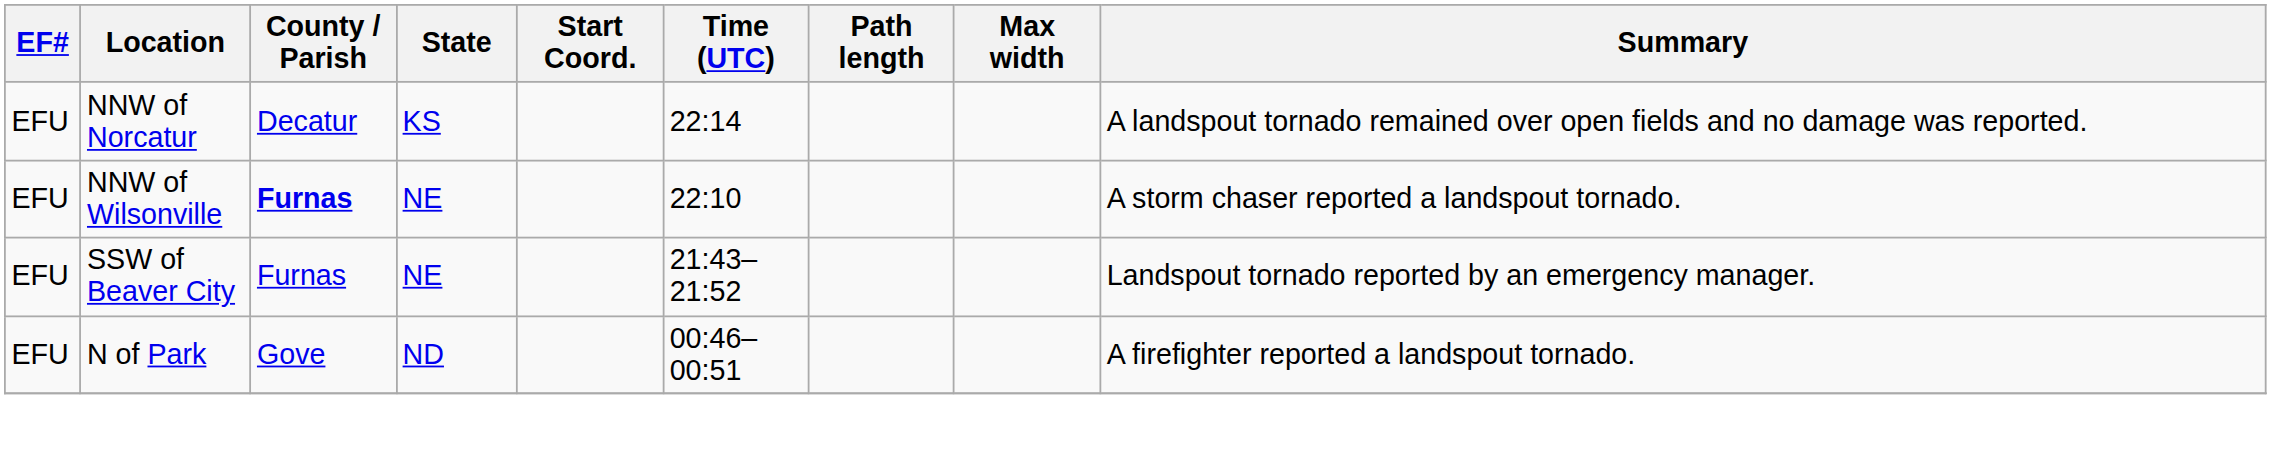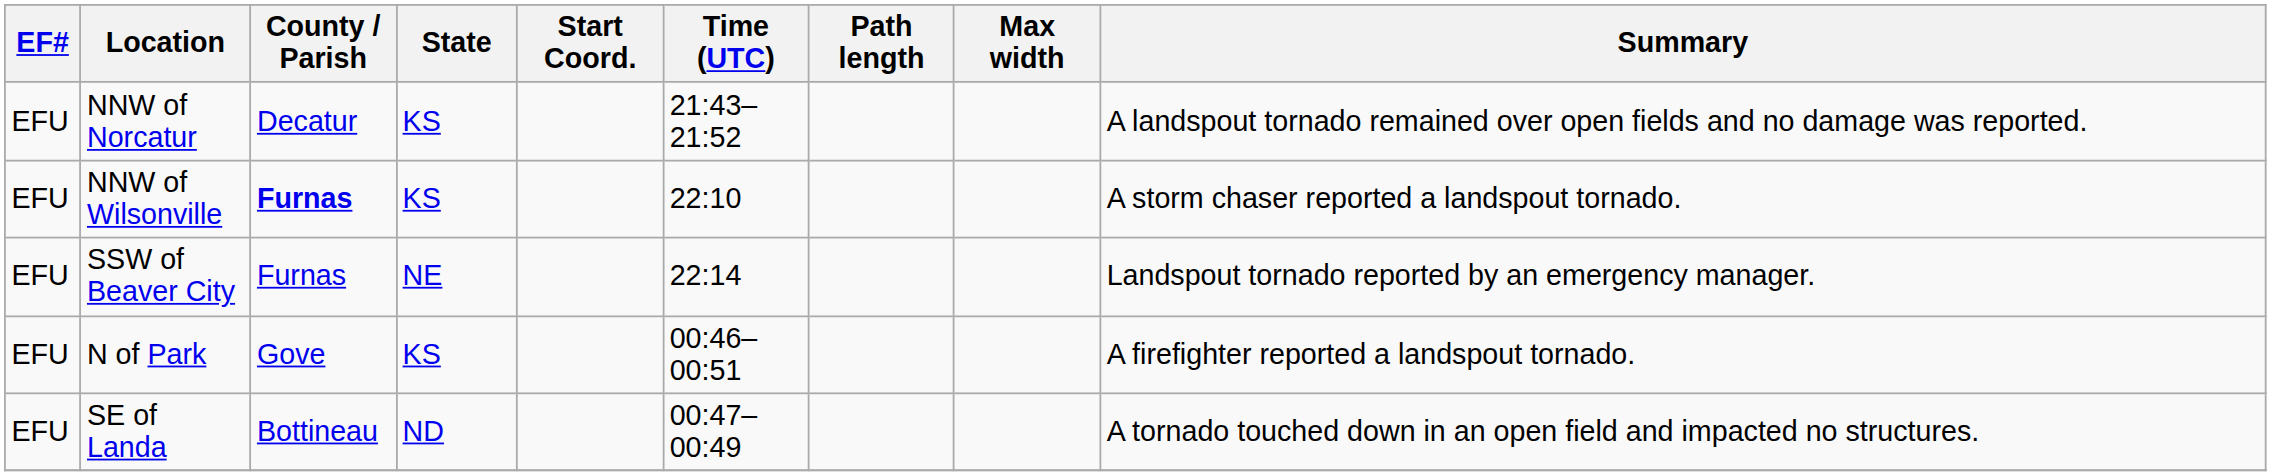 <table class="wikitable sortable" style="width:100%;">
 <tr>
 <th scope="col"  style="width:3%; text-align:center;"><a href='#'>EF#</a></th>
 <th scope="col"  style="width:7%; text-align:center;" class="unsortable">Location</th>
 <th scope="col"  style="width:6%; text-align:center;" class="unsortable">County / Parish</th>
 <th scope="col"  style="width:5%; text-align:center;">State</th>
 <th scope="col"  style="width:6%; text-align:center;">Start Coord.</th>
 <th scope="col"  style="width:6%; text-align:center;">Time (<a href='#'>UTC</a>)</th>
 <th scope="col"  style="width:6%; text-align:center;">Path length</th>
 <th scope="col"  style="width:6%; text-align:center;">Max width</th>
 <th scope="col" class="unsortable" style="width:48%; text-align:center;">Summary</th>
 </tr>
 <tr>
 <td>EFU</td>
 <td>NNW of <a href='#'>Norcatur</a></td>
 <td><a href='#'>Decatur</a></td>
 <td><a href='#'>KS</a></td>
 <td></td>
-<td>22:14</td>
+<td>21:43–21:52</td>
 <td></td>
 <td></td>
 <td>A landspout tornado remained over open fields and no damage was reported.</td>
 </tr>
 <tr>
 <td>EFU</td>
 <td>NNW of <a href='#'>Wilsonville</a></td>
 <td><strong><a href='#'>Furnas</a></strong></td>
-<td><a href='#'>NE</a></td>
+<td><a href='#'>KS</a></td>
 <td></td>
 <td>22:10</td>
 <td></td>
 <td></td>
 <td>A storm chaser reported a landspout tornado.</td>
 </tr>
 <tr>
 <td>EFU</td>
 <td>SSW of <a href='#'>Beaver City</a></td>
 <td><a href='#'>Furnas</a></td>
 <td><a href='#'>NE</a></td>
 <td></td>
-<td>21:43–21:52</td>
+<td>22:14</td>
 <td></td>
 <td></td>
 <td>Landspout tornado reported by an emergency manager.</td>
 </tr>
 <tr>
 <td>EFU</td>
 <td>N of <a href='#'>Park</a></td>
 <td><a href='#'>Gove</a></td>
-<td><a href='#'>ND</a></td>
+<td><a href='#'>KS</a></td>
 <td></td>
 <td>00:46–00:51</td>
 <td></td>
 <td></td>
 <td>A firefighter reported a landspout tornado.</td>
 </tr>
 <tr>
+<td>EFU</td>
+<td>SE of <a href='#'>Landa</a></td>
+<td><a href='#'>Bottineau</a></td>
+<td><a href='#'>ND</a></td>
+<td></td>
+<td>00:47–00:49</td>
+<td></td>
+<td></td>
+<td>A tornado touched down in an open field and impacted no structures.</td>
+</tr>
+<tr>
 </tr>
 </table>
